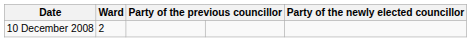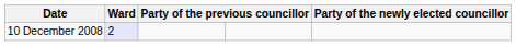 <table class="wikitable">
 <tr>
 <th>Date</th>
 <th>Ward</th>
 <th colspan=2>Party of the previous councillor</th>
 <th colspan=2>Party of the newly elected councillor</th>
 </tr>
 <tr>
 <td>10 December 2008</td>
-<td>2</td>
+<td style="background: lavender;">2</td>
 <td></td>
 <td></td>
 </tr>
 </table>
